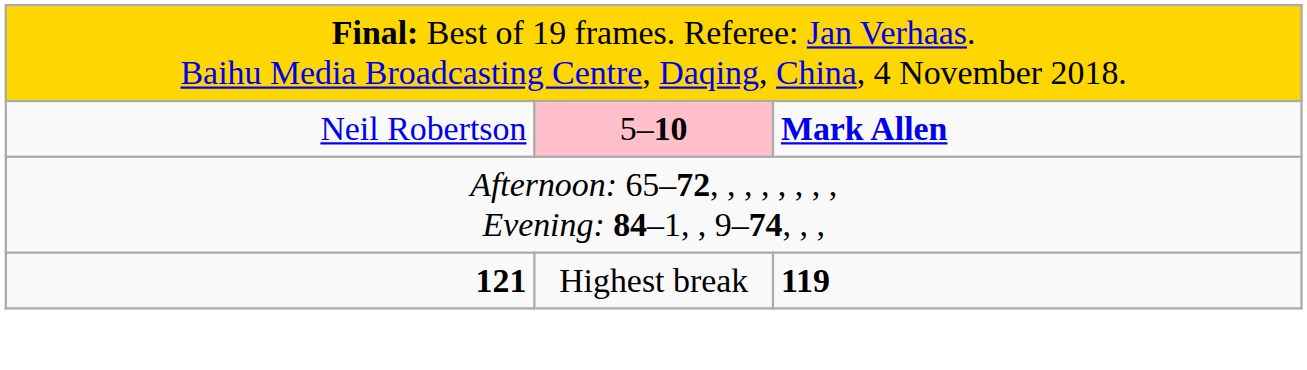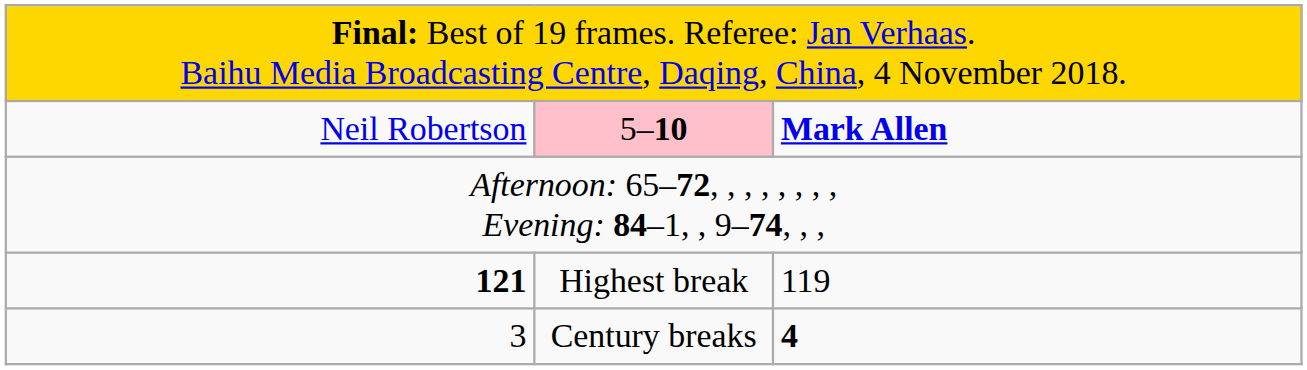 <table class="wikitable" style="font-size: 95%; margin: 1em auto 1em auto;">
 <tr>
 <td colspan="3" align="center" bgcolor="#ffd700"><strong>Final:</strong> Best of 19 frames. Referee: <a href='#'>Jan Verhaas</a>.<br><a href='#'>Baihu Media Broadcasting Centre</a>, <a href='#'>Daqing</a>, <a href='#'>China</a>, 4 November 2018.</td>
 </tr>
 <tr>
 <td width="230" align="right"><a href='#'>Neil Robertson</a><br></td>
 <td width="100" align="center" style="background: pink;">5–<strong>10</strong></td>
 <td width="230" align="left"><strong><a href='#'>Mark Allen</a></strong><br></td>
 </tr>
 <tr>
 <td colspan="3" align="center" style="font-size: 100%"><em>Afternoon:</em> 65–<strong>72</strong>, , , , , , , , <br><em>Evening:</em> <strong>84</strong>–1, , 9–<strong>74</strong>, , , </td>
 </tr>
 <tr>
 <td align="right"><strong>121</strong></td>
 <td align="center">Highest break</td>
-<td><strong>119</strong></td>
+<td>119</td>
+</tr>
+<tr>
+<td align="right">3</td>
+<td align="center">Century breaks</td>
+<td><strong>4</strong></td>
 </tr>
 </table>
